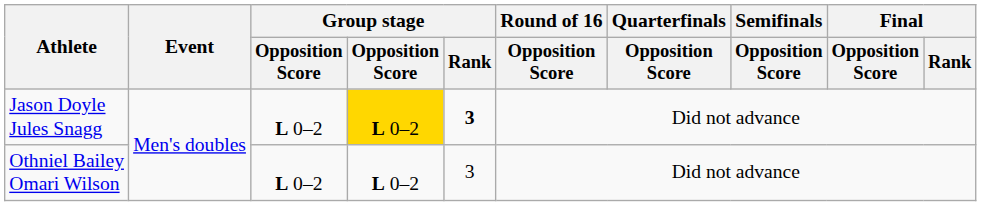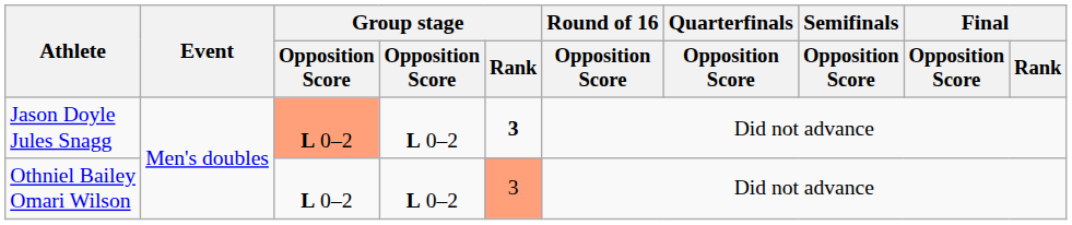 <table class=wikitable style="font-size:90%">
 <tr>
 <th rowspan=2>Athlete</th>
 <th rowspan=2>Event</th>
 <th colspan=3>Group stage</th>
 <th>Round of 16</th>
 <th>Quarterfinals</th>
 <th>Semifinals</th>
 <th colspan=2>Final</th>
 </tr>
 <tr style="font-size:95%">
 <th>Opposition<br>Score</th>
 <th>Opposition<br>Score</th>
 <th>Rank</th>
 <th>Opposition<br>Score</th>
 <th>Opposition<br>Score</th>
 <th>Opposition<br>Score</th>
 <th>Opposition<br>Score</th>
 <th>Rank</th>
 </tr>
 <tr align=center>
 <td align=left><a href='#'>Jason Doyle</a><br><a href='#'>Jules Snagg</a></td>
 <td align=left rowspan=2><a href='#'>Men's doubles</a></td>
+<td style="background: lightsalmon;"><br><strong>L</strong> 0–2</td>
 <td><br><strong>L</strong> 0–2</td>
-<td style="background: gold;"><br><strong>L</strong> 0–2</td>
 <td><strong>3</strong></td>
 <td colspan=5>Did not advance</td>
 </tr>
 <tr align=center>
 <td align=left><a href='#'>Othniel Bailey</a><br><a href='#'>Omari Wilson</a></td>
 <td><br><strong>L</strong> 0–2</td>
 <td><br><strong>L</strong> 0–2</td>
-<td>3</td>
+<td style="background: lightsalmon;">3</td>
 <td colspan=5>Did not advance</td>
 </tr>
 </table>
